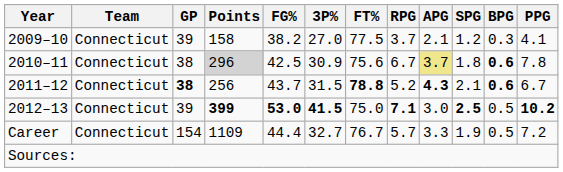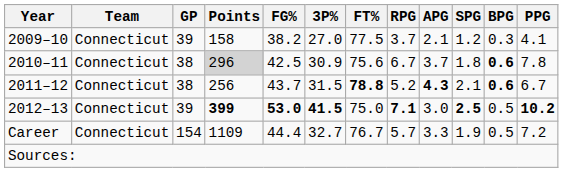 <table class="wikitable">
 <tr>
 <th>Year</th>
 <th>Team</th>
 <th>GP</th>
 <th>Points</th>
 <th>FG%</th>
 <th>3P%</th>
 <th>FT%</th>
 <th>RPG</th>
 <th>APG</th>
 <th>SPG</th>
 <th>BPG</th>
 <th>PPG</th>
 </tr>
 <tr>
 <td>2009–10</td>
 <td>Connecticut</td>
 <td>39</td>
 <td>158</td>
 <td>38.2</td>
 <td>27.0</td>
 <td>77.5</td>
 <td>3.7</td>
 <td>2.1</td>
 <td>1.2</td>
 <td>0.3</td>
 <td>4.1</td>
 </tr>
 <tr>
 <td>2010–11</td>
 <td>Connecticut</td>
 <td>38</td>
 <td style="background: lightgrey;">296</td>
 <td>42.5</td>
 <td>30.9</td>
 <td>75.6</td>
 <td>6.7</td>
-<td style="background: khaki;">3.7</td>
+<td>3.7</td>
 <td>1.8</td>
 <td><strong>0.6</strong></td>
 <td>7.8</td>
 </tr>
 <tr>
 <td>2011–12</td>
 <td>Connecticut</td>
-<td><strong>38</strong></td>
+<td>38</td>
 <td>256</td>
 <td>43.7</td>
 <td>31.5</td>
 <td><strong>78.8</strong></td>
 <td>5.2</td>
 <td><strong>4.3</strong></td>
 <td>2.1</td>
 <td><strong>0.6</strong></td>
 <td>6.7</td>
 </tr>
 <tr>
 <td>2012–13</td>
 <td>Connecticut</td>
 <td>39</td>
 <td><strong>399</strong></td>
 <td><strong>53.0</strong></td>
 <td><strong>41.5</strong></td>
 <td>75.0</td>
 <td><strong>7.1</strong></td>
 <td>3.0</td>
 <td><strong>2.5</strong></td>
 <td>0.5</td>
 <td><strong>10.2</strong></td>
 </tr>
 <tr>
 <td>Career</td>
 <td>Connecticut</td>
 <td>154</td>
 <td>1109</td>
 <td>44.4</td>
 <td>32.7</td>
 <td>76.7</td>
 <td>5.7</td>
 <td>3.3</td>
 <td>1.9</td>
 <td>0.5</td>
 <td>7.2</td>
 </tr>
 <tr>
 <td colspan="12">Sources:</td>
 </tr>
 </table>
